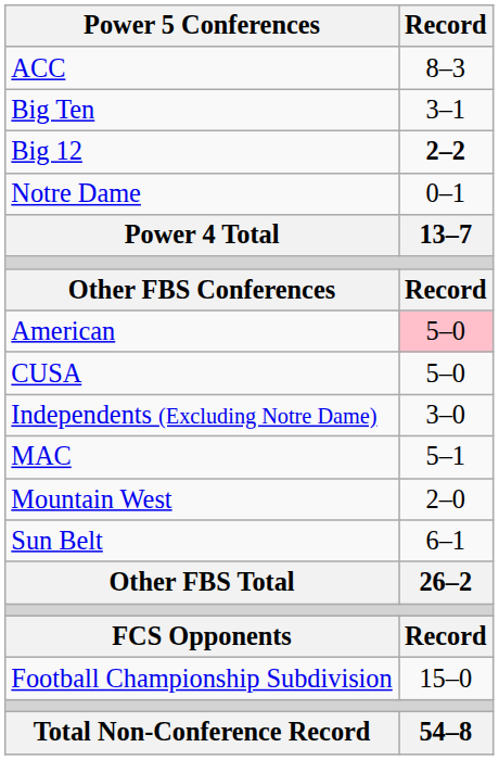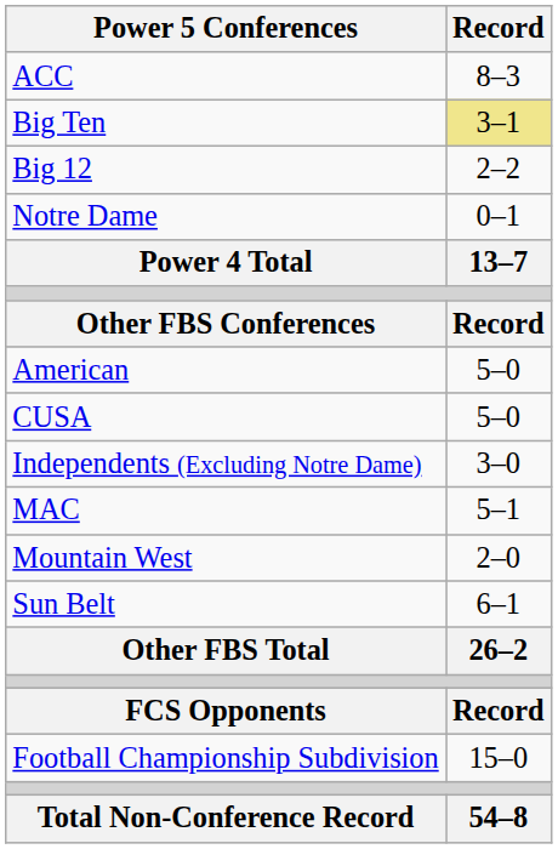 <table class="wikitable">
 <tr>
 <th>Power 5 Conferences</th>
 <th>Record</th>
 </tr>
 <tr>
 <td><a href='#'>ACC</a></td>
 <td align=center>8–3</td>
 </tr>
 <tr>
 <td><a href='#'>Big Ten</a></td>
-<td align=center>3–1</td>
+<td align=center style="background: khaki;">3–1</td>
 </tr>
 <tr>
 <td><a href='#'>Big 12</a></td>
-<td align=center><strong>2–2</strong></td>
+<td align=center>2–2</td>
 </tr>
 <tr>
 <td><a href='#'>Notre Dame</a></td>
 <td align=center>0–1</td>
 </tr>
 <tr>
 <th>Power 4 Total</th>
 <th>13–7</th>
 </tr>
 <tr>
 <th colspan="2" style="background:lightgrey;"></th>
 </tr>
 <tr>
 <th>Other FBS Conferences</th>
 <th>Record</th>
 </tr>
 <tr>
 <td><a href='#'>American</a></td>
-<td align=center style="background: pink;">5–0</td>
+<td align=center>5–0</td>
 </tr>
 <tr>
 <td><a href='#'>CUSA</a></td>
 <td align=center>5–0</td>
 </tr>
 <tr>
 <td><a href='#'>Independents <small>(Excluding Notre Dame)</small></a></td>
 <td align=center>3–0</td>
 </tr>
 <tr>
 <td><a href='#'>MAC</a></td>
 <td align=center>5–1</td>
 </tr>
 <tr>
 <td><a href='#'>Mountain West</a></td>
 <td align=center>2–0</td>
 </tr>
 <tr>
 <td><a href='#'>Sun Belt</a></td>
 <td align=center>6–1</td>
 </tr>
 <tr>
 <th>Other FBS Total</th>
 <th>26–2</th>
 </tr>
 <tr>
 <th colspan="2" style="background:lightgrey;"></th>
 </tr>
 <tr>
 <th>FCS Opponents</th>
 <th>Record</th>
 </tr>
 <tr>
 <td><a href='#'>Football Championship Subdivision</a></td>
 <td align=center>15–0</td>
 </tr>
 <tr>
 <th colspan="2" style="background:lightgrey;"></th>
 </tr>
 <tr>
 <th>Total Non-Conference Record</th>
 <th>54–8</th>
 </tr>
 </table>
